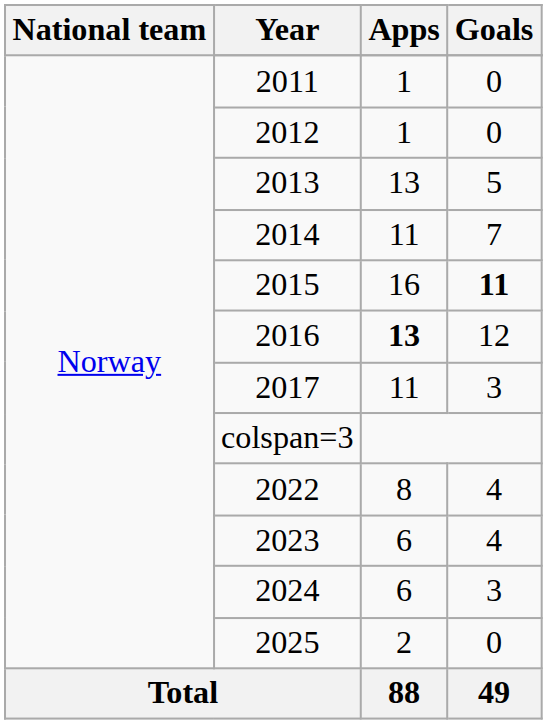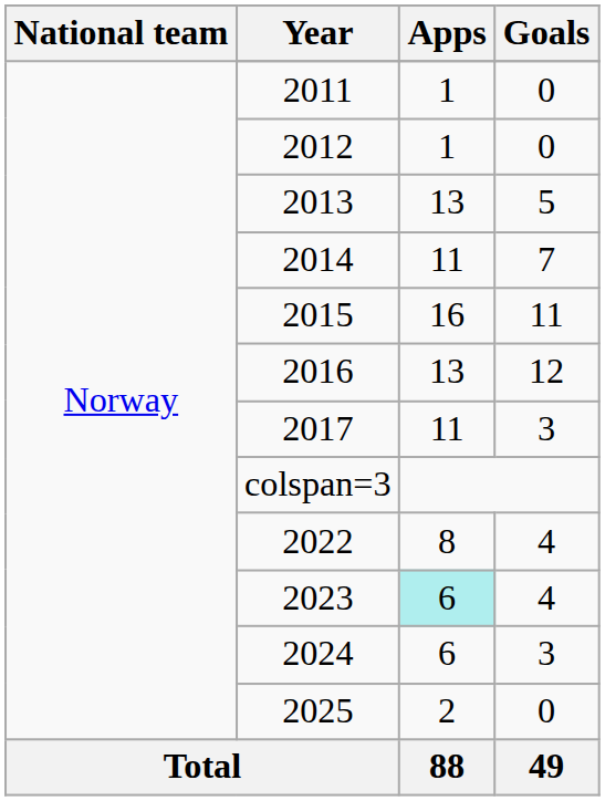 <table class="wikitable" style="text-align:center">
 <tr>
 <th>National team</th>
 <th>Year</th>
 <th>Apps</th>
 <th>Goals</th>
 </tr>
 <tr>
 <td rowspan="13"><a href='#'>Norway</a></td>
 </tr>
 <tr>
 <td>2011</td>
 <td>1</td>
 <td>0</td>
 </tr>
 <tr>
 <td>2012</td>
 <td>1</td>
 <td>0</td>
 </tr>
 <tr>
 <td>2013</td>
 <td>13</td>
 <td>5</td>
 </tr>
 <tr>
 <td>2014</td>
 <td>11</td>
 <td>7</td>
 </tr>
 <tr>
 <td>2015</td>
 <td>16</td>
-<td><strong>11</strong></td>
+<td>11</td>
 </tr>
 <tr>
 <td>2016</td>
-<td><strong>13</strong></td>
+<td>13</td>
 <td>12</td>
 </tr>
 <tr>
 <td>2017</td>
 <td>11</td>
 <td>3</td>
 </tr>
 <tr>
 <td>colspan=3</td>
 </tr>
 <tr>
 <td>2022</td>
 <td>8</td>
 <td>4</td>
 </tr>
 <tr>
 <td>2023</td>
-<td>6</td>
+<td style="background: paleturquoise;">6</td>
 <td>4</td>
 </tr>
 <tr>
 <td>2024</td>
 <td>6</td>
 <td>3</td>
 </tr>
 <tr>
 <td>2025</td>
 <td>2</td>
 <td>0</td>
 </tr>
 <tr>
 <th colspan="2">Total</th>
 <th>88</th>
 <th>49</th>
 </tr>
 </table>
